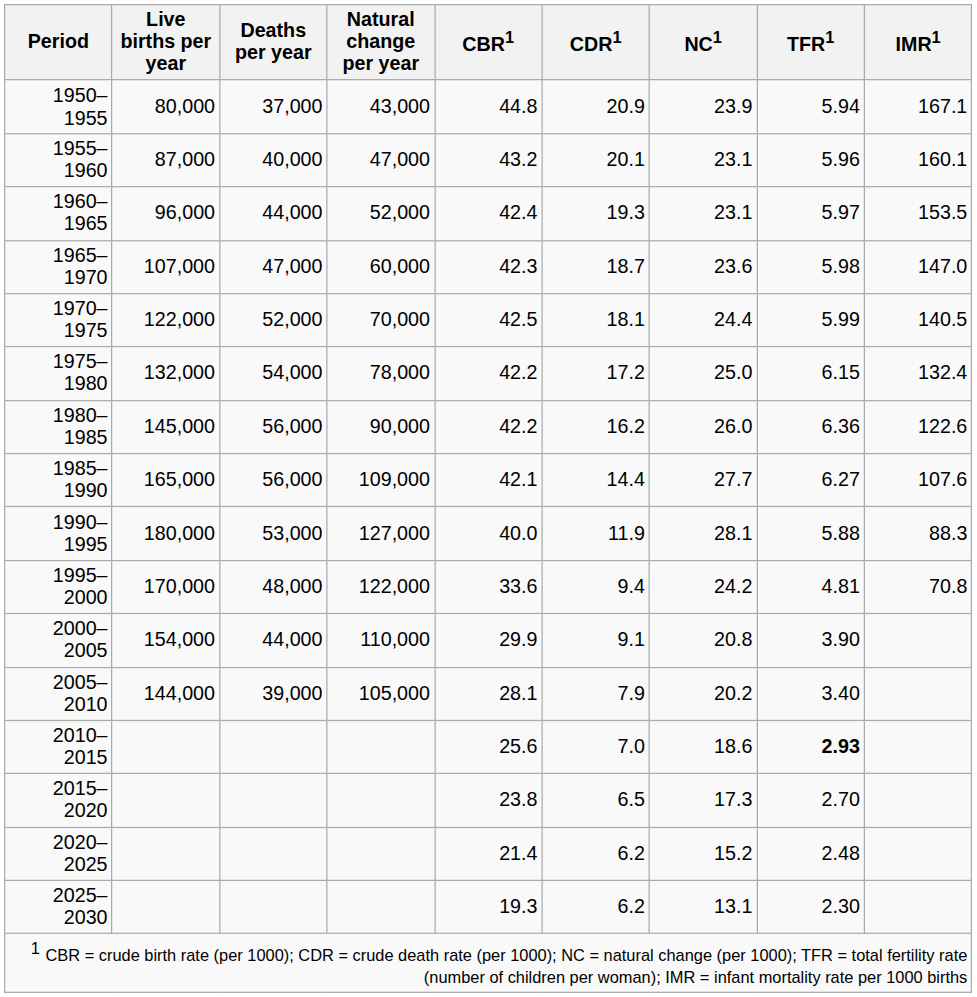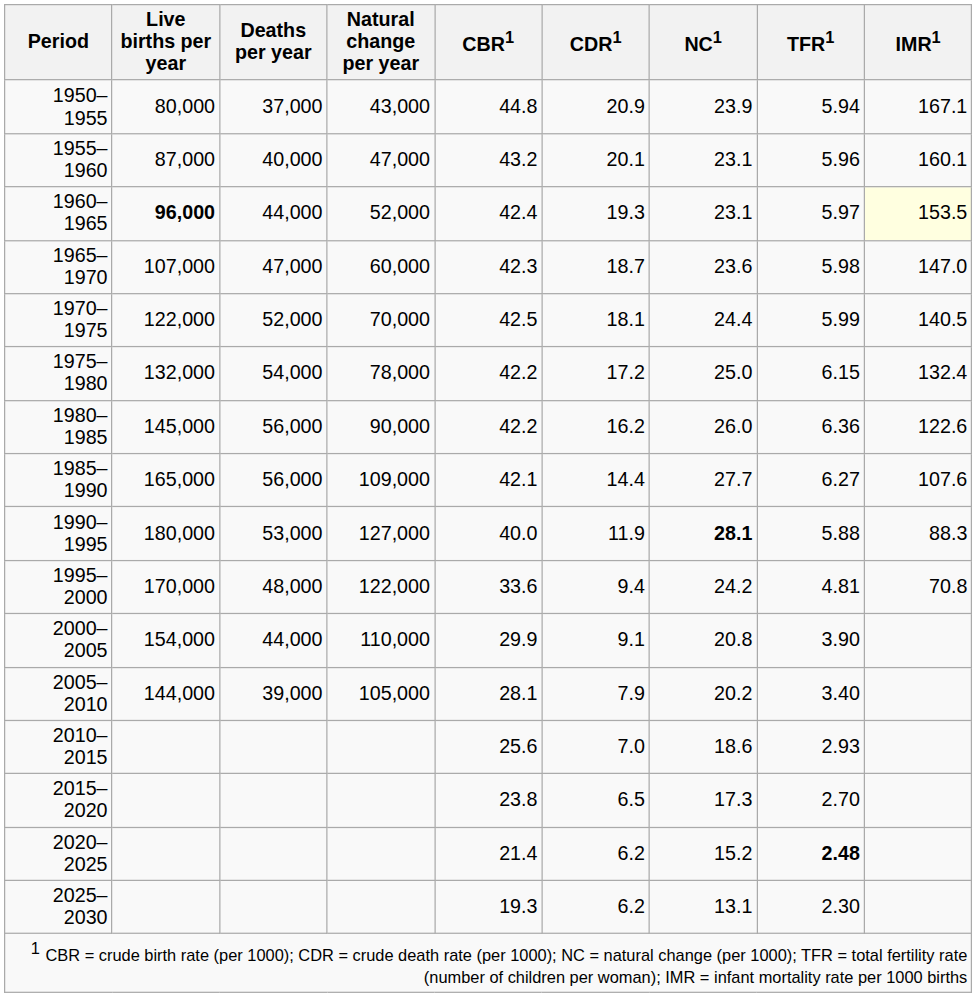 <table class="wikitable" style="text-align: right;">
 <tr>
 <th width="80pt">Period</th>
 <th width="80pt">Live births per year</th>
 <th width="80pt">Deaths per year</th>
 <th width="80pt">Natural change per year</th>
 <th width="80pt">CBR<sup>1</sup></th>
 <th width="80pt">CDR<sup>1</sup></th>
 <th width="80pt">NC<sup>1</sup></th>
 <th width="80pt">TFR<sup>1</sup></th>
 <th width="80pt">IMR<sup>1</sup></th>
 </tr>
 <tr>
 <td>1950–1955</td>
 <td align="right">80,000</td>
 <td align="right">37,000</td>
 <td align="right">43,000</td>
 <td align="right">44.8</td>
 <td align="right">20.9</td>
 <td align="right">23.9</td>
 <td align="right">5.94</td>
 <td align="right">167.1</td>
 </tr>
 <tr>
 <td>1955–1960</td>
 <td align="right">87,000</td>
 <td align="right">40,000</td>
 <td align="right">47,000</td>
 <td align="right">43.2</td>
 <td align="right">20.1</td>
 <td align="right">23.1</td>
 <td align="right">5.96</td>
 <td align="right">160.1</td>
 </tr>
 <tr>
 <td>1960–1965</td>
-<td align="right">96,000</td>
+<td align="right"><strong>96,000</strong></td>
 <td align="right">44,000</td>
 <td align="right">52,000</td>
 <td align="right">42.4</td>
 <td align="right">19.3</td>
 <td align="right">23.1</td>
 <td align="right">5.97</td>
-<td align="right">153.5</td>
+<td align="right" style="background: lightyellow;">153.5</td>
 </tr>
 <tr>
 <td>1965–1970</td>
 <td align="right">107,000</td>
 <td align="right">47,000</td>
 <td align="right">60,000</td>
 <td align="right">42.3</td>
 <td align="right">18.7</td>
 <td align="right">23.6</td>
 <td align="right">5.98</td>
 <td align="right">147.0</td>
 </tr>
 <tr>
 <td>1970–1975</td>
 <td align="right">122,000</td>
 <td align="right">52,000</td>
 <td align="right">70,000</td>
 <td align="right">42.5</td>
 <td align="right">18.1</td>
 <td align="right">24.4</td>
 <td align="right">5.99</td>
 <td align="right">140.5</td>
 </tr>
 <tr>
 <td>1975–1980</td>
 <td align="right">132,000</td>
 <td align="right">54,000</td>
 <td align="right">78,000</td>
 <td align="right">42.2</td>
 <td align="right">17.2</td>
 <td align="right">25.0</td>
 <td align="right">6.15</td>
 <td align="right">132.4</td>
 </tr>
 <tr>
 <td>1980–1985</td>
 <td align="right">145,000</td>
 <td align="right">56,000</td>
 <td align="right">90,000</td>
 <td align="right">42.2</td>
 <td align="right">16.2</td>
 <td align="right">26.0</td>
 <td align="right">6.36</td>
 <td align="right">122.6</td>
 </tr>
 <tr>
 <td>1985–1990</td>
 <td align="right">165,000</td>
 <td align="right">56,000</td>
 <td align="right">109,000</td>
 <td align="right">42.1</td>
 <td align="right">14.4</td>
 <td align="right">27.7</td>
 <td align="right">6.27</td>
 <td align="right">107.6</td>
 </tr>
 <tr>
 <td>1990–1995</td>
 <td align="right">180,000</td>
 <td align="right">53,000</td>
 <td align="right">127,000</td>
 <td align="right">40.0</td>
 <td align="right">11.9</td>
-<td align="right">28.1</td>
+<td align="right"><strong>28.1</strong></td>
 <td align="right">5.88</td>
 <td align="right">88.3</td>
 </tr>
 <tr>
 <td>1995–2000</td>
 <td align="right">170,000</td>
 <td align="right">48,000</td>
 <td align="right">122,000</td>
 <td align="right">33.6</td>
 <td align="right">9.4</td>
 <td align="right">24.2</td>
 <td align="right">4.81</td>
 <td align="right">70.8</td>
 </tr>
 <tr>
 <td>2000–2005</td>
 <td align="right">154,000</td>
 <td align="right">44,000</td>
 <td align="right">110,000</td>
 <td align="right">29.9</td>
 <td align="right">9.1</td>
 <td align="right">20.8</td>
 <td align="right">3.90</td>
 <td align="right"></td>
 </tr>
 <tr>
 <td>2005–2010</td>
 <td align="right">144,000</td>
 <td align="right">39,000</td>
 <td align="right">105,000</td>
 <td align="right">28.1</td>
 <td align="right">7.9</td>
 <td align="right">20.2</td>
 <td align="right">3.40</td>
 <td align="right"></td>
 </tr>
 <tr>
 <td>2010–2015</td>
 <td align="right"></td>
 <td align="right"></td>
 <td align="right"></td>
 <td align="right">25.6</td>
 <td align="right">7.0</td>
 <td align="right">18.6</td>
-<td align="right"><strong>2.93</strong></td>
+<td align="right">2.93</td>
 <td align="right"></td>
 </tr>
 <tr>
 <td>2015–2020</td>
 <td align="right"></td>
 <td align="right"></td>
 <td align="right"></td>
 <td align="right">23.8</td>
 <td align="right">6.5</td>
 <td align="right">17.3</td>
 <td align="right">2.70</td>
 <td align="right"></td>
 </tr>
 <tr>
 <td>2020–2025</td>
 <td align="right"></td>
 <td align="right"></td>
 <td align="right"></td>
 <td align="right">21.4</td>
 <td align="right">6.2</td>
 <td align="right">15.2</td>
-<td align="right">2.48</td>
+<td align="right"><strong>2.48</strong></td>
 <td align="right"></td>
 </tr>
 <tr>
 <td>2025–2030</td>
 <td align="right"></td>
 <td align="right"></td>
 <td align="right"></td>
 <td align="right">19.3</td>
 <td align="right">6.2</td>
 <td align="right">13.1</td>
 <td align="right">2.30</td>
 <td align="right"></td>
 </tr>
 <tr>
 <td colspan="9"><sup>1</sup> <small>CBR = crude birth rate (per 1000); CDR = crude death rate (per 1000); NC = natural change (per 1000); TFR = total fertility rate (number of children per woman); IMR = infant mortality rate per 1000 births</small></td>
 </tr>
 </table>
